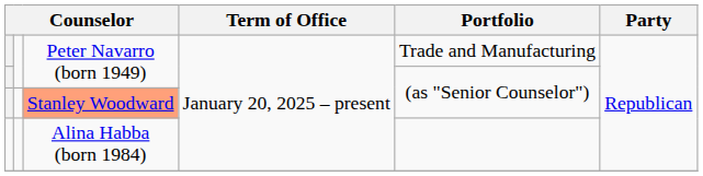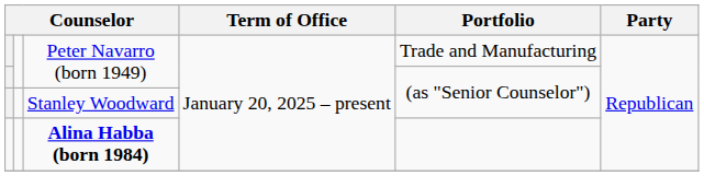 <table class="wikitable sortable" style="text-align:center">
 <tr>
 <th colspan="3">Counselor</th>
 <th>Term of Office</th>
 <th>Portfolio</th>
 <th>Party</th>
 </tr>
 <tr>
 <th style="background:"></th>
 <td rowspan="2"></td>
 <td rowspan="2"><a href='#'>Peter Navarro</a><br>(born 1949)</td>
 <td rowspan="4">January 20, 2025 – present</td>
 <td>Trade and Manufacturing</td>
 <td rowspan="4"><a href='#'>Republican</a></td>
 </tr>
 <tr>
 <th style="background:"></th>
 <td rowspan="2">(as "Senior Counselor")</td>
 </tr>
 <tr>
 <th style="background:"></th>
 <td></td>
-<td style="background: lightsalmon;"><a href='#'>Stanley Woodward</a></td>
+<td><a href='#'>Stanley Woodward</a></td>
 </tr>
 <tr>
 <td></td>
 <td></td>
-<td><a href='#'>Alina Habba</a><br>(born 1984)</td>
+<td><strong><a href='#'>Alina Habba</a><br>(born 1984)</strong></td>
 <td></td>
 </tr>
 <tr>
 </tr>
 </table>
